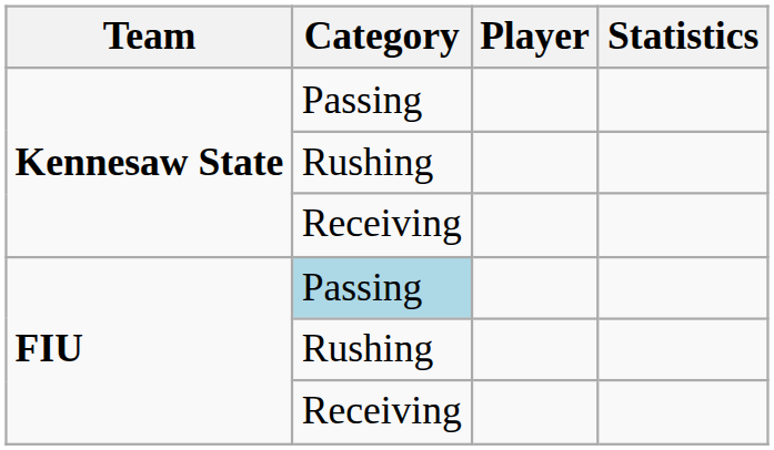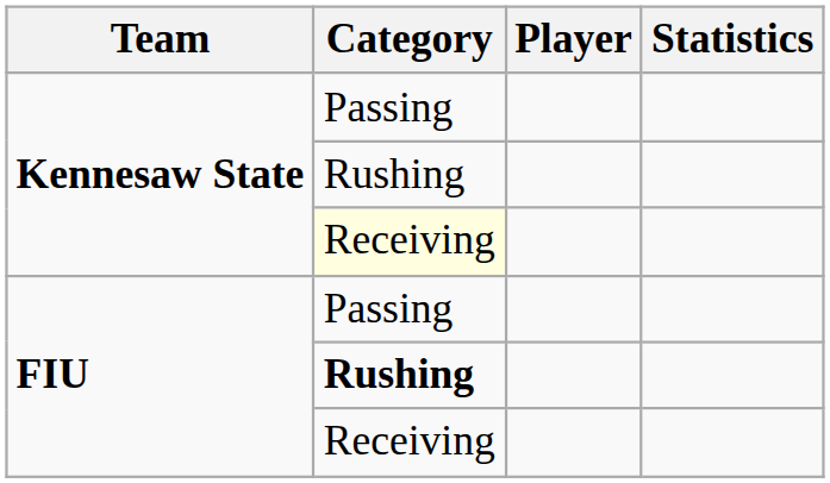 <table class="wikitable" style="float: right;">
 <tr>
 <th>Team</th>
 <th>Category</th>
 <th>Player</th>
 <th>Statistics</th>
 </tr>
 <tr>
 <td rowspan=3><strong>Kennesaw State</strong></td>
 <td>Passing</td>
 <td></td>
 <td></td>
 </tr>
 <tr>
 <td>Rushing</td>
 <td></td>
 <td></td>
 </tr>
 <tr>
-<td>Receiving</td>
+<td style="background: lightyellow;">Receiving</td>
 <td></td>
 <td></td>
 </tr>
 <tr>
 <td rowspan=3><strong>FIU</strong></td>
-<td style="background: lightblue;">Passing</td>
+<td>Passing</td>
 <td></td>
 <td></td>
 </tr>
 <tr>
-<td>Rushing</td>
+<td><strong>Rushing</strong></td>
 <td></td>
 <td></td>
 </tr>
 <tr>
 <td>Receiving</td>
 <td></td>
 <td></td>
 </tr>
 </table>
